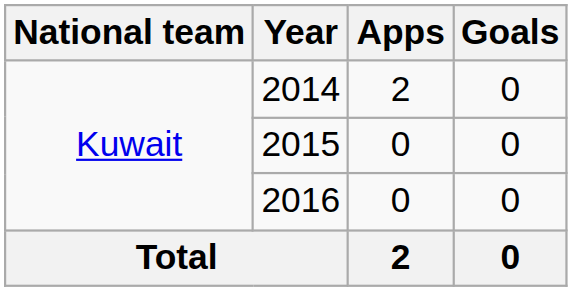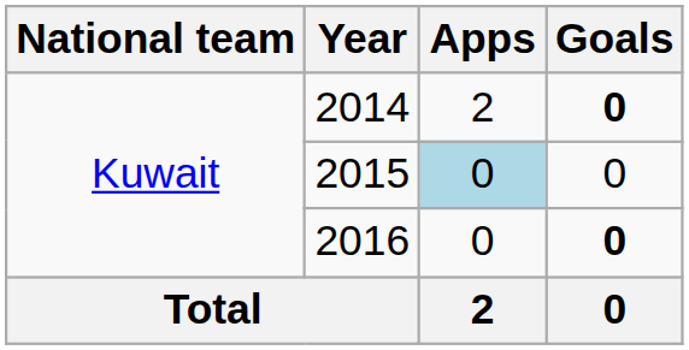 <table class="wikitable" style="text-align:center">
 <tr>
 <th>National team</th>
 <th>Year</th>
 <th>Apps</th>
 <th>Goals</th>
 </tr>
 <tr>
 <td rowspan="3"><a href='#'>Kuwait</a></td>
 <td>2014</td>
 <td>2</td>
-<td>0</td>
+<td><strong>0</strong></td>
 </tr>
 <tr>
 <td>2015</td>
-<td>0</td>
+<td style="background: lightblue;">0</td>
 <td>0</td>
 </tr>
 <tr>
 <td>2016</td>
 <td>0</td>
-<td>0</td>
+<td><strong>0</strong></td>
 </tr>
 <tr>
 <th colspan="2">Total</th>
 <th>2</th>
 <th>0</th>
 </tr>
 </table>
